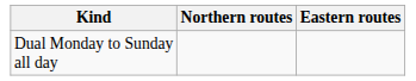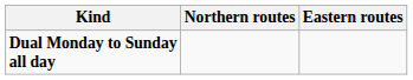 <table class = "wikitable" style="margin-left: auto; margin-right: auto; border: none;">
 <tr>
 <th>Kind</th>
 <th>Northern routes</th>
 <th>Eastern routes</th>
 </tr>
 <tr>
-<td>Dual Monday to Sunday <br> all day</td>
+<td><strong>Dual Monday to Sunday <br> all day</strong></td>
 <td></td>
 <td></td>
 </tr>
 </table>
